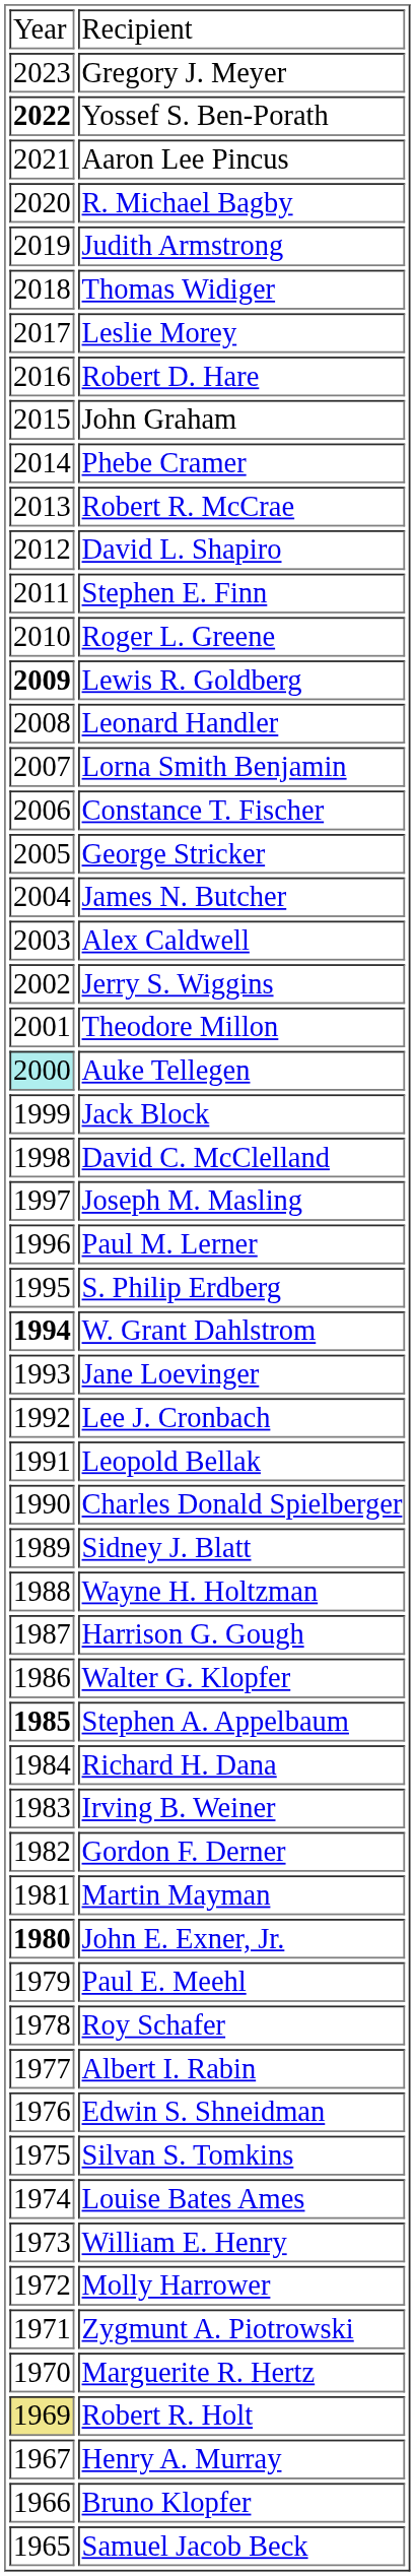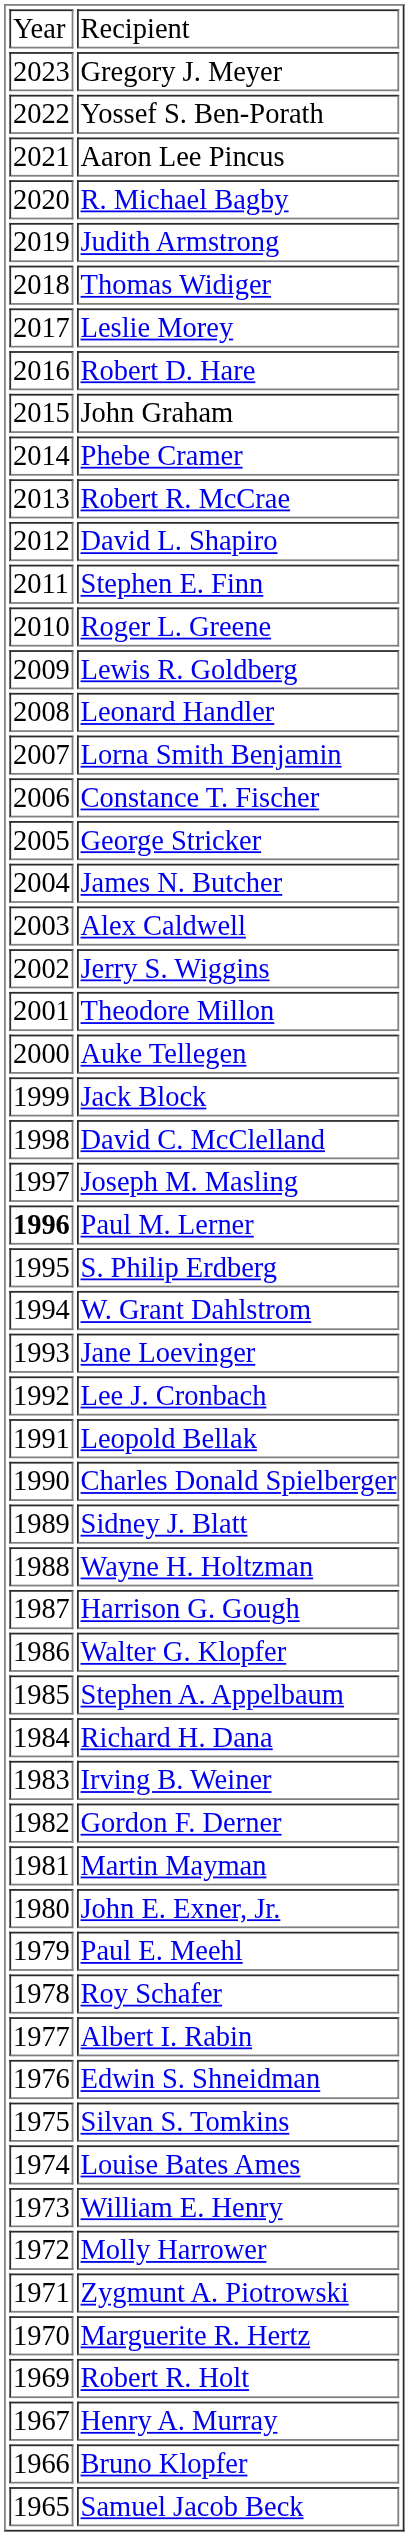 <table border="1">
 <tr>
 <td>Year</td>
 <td>Recipient</td>
 </tr>
 <tr>
 <td>2023</td>
 <td>Gregory J. Meyer</td>
 </tr>
 <tr>
-<td><strong>2022</strong></td>
+<td>2022</td>
 <td>Yossef S. Ben-Porath</td>
 </tr>
 <tr>
 <td>2021</td>
 <td>Aaron Lee Pincus</td>
 </tr>
 <tr>
 <td>2020</td>
 <td><a href='#'>R. Michael Bagby</a></td>
 </tr>
 <tr>
 <td>2019</td>
 <td><a href='#'>Judith Armstrong</a></td>
 </tr>
 <tr>
 <td>2018</td>
 <td><a href='#'>Thomas Widiger</a></td>
 </tr>
 <tr>
 <td>2017</td>
 <td><a href='#'>Leslie Morey</a></td>
 </tr>
 <tr>
 <td>2016</td>
 <td><a href='#'>Robert D. Hare</a></td>
 </tr>
 <tr>
 <td>2015</td>
 <td>John Graham</td>
 </tr>
 <tr>
 <td>2014</td>
 <td><a href='#'>Phebe Cramer</a></td>
 </tr>
 <tr>
 <td>2013</td>
 <td><a href='#'>Robert R. McCrae</a></td>
 </tr>
 <tr>
 <td>2012</td>
 <td><a href='#'>David L. Shapiro</a></td>
 </tr>
 <tr>
 <td>2011</td>
 <td><a href='#'>Stephen E. Finn</a></td>
 </tr>
 <tr>
 <td>2010</td>
 <td><a href='#'>Roger L. Greene</a></td>
 </tr>
 <tr>
-<td><strong>2009</strong></td>
+<td>2009</td>
 <td><a href='#'>Lewis R. Goldberg</a></td>
 </tr>
 <tr>
 <td>2008</td>
 <td><a href='#'>Leonard Handler</a></td>
 </tr>
 <tr>
 <td>2007</td>
 <td><a href='#'>Lorna Smith Benjamin</a></td>
 </tr>
 <tr>
 <td>2006</td>
 <td><a href='#'>Constance T. Fischer</a></td>
 </tr>
 <tr>
 <td>2005</td>
 <td><a href='#'>George Stricker</a></td>
 </tr>
 <tr>
 <td>2004</td>
 <td><a href='#'>James N. Butcher</a></td>
 </tr>
 <tr>
 <td>2003</td>
 <td><a href='#'>Alex Caldwell</a></td>
 </tr>
 <tr>
 <td>2002</td>
 <td><a href='#'>Jerry S. Wiggins</a></td>
 </tr>
 <tr>
 <td>2001</td>
 <td><a href='#'>Theodore Millon</a></td>
 </tr>
 <tr>
-<td style="background: paleturquoise;">2000</td>
+<td>2000</td>
 <td><a href='#'>Auke Tellegen</a></td>
 </tr>
 <tr>
 <td>1999</td>
 <td><a href='#'>Jack Block</a></td>
 </tr>
 <tr>
 <td>1998</td>
 <td><a href='#'>David C. McClelland</a></td>
 </tr>
 <tr>
 <td>1997</td>
 <td><a href='#'>Joseph M. Masling</a></td>
 </tr>
 <tr>
-<td>1996</td>
+<td><strong>1996</strong></td>
 <td><a href='#'>Paul M. Lerner</a></td>
 </tr>
 <tr>
 <td>1995</td>
 <td><a href='#'>S. Philip Erdberg</a></td>
 </tr>
 <tr>
-<td><strong>1994</strong></td>
+<td>1994</td>
 <td><a href='#'>W. Grant Dahlstrom</a></td>
 </tr>
 <tr>
 <td>1993</td>
 <td><a href='#'>Jane Loevinger</a></td>
 </tr>
 <tr>
 <td>1992</td>
 <td><a href='#'>Lee J. Cronbach</a></td>
 </tr>
 <tr>
 <td>1991</td>
 <td><a href='#'>Leopold Bellak</a></td>
 </tr>
 <tr>
 <td>1990</td>
 <td><a href='#'>Charles Donald Spielberger</a></td>
 </tr>
 <tr>
 <td>1989</td>
 <td><a href='#'>Sidney J. Blatt</a></td>
 </tr>
 <tr>
 <td>1988</td>
 <td><a href='#'>Wayne H. Holtzman</a></td>
 </tr>
 <tr>
 <td>1987</td>
 <td><a href='#'>Harrison G. Gough</a></td>
 </tr>
 <tr>
 <td>1986</td>
 <td><a href='#'>Walter G. Klopfer</a></td>
 </tr>
 <tr>
-<td><strong>1985</strong></td>
+<td>1985</td>
 <td><a href='#'>Stephen A. Appelbaum</a></td>
 </tr>
 <tr>
 <td>1984</td>
 <td><a href='#'>Richard H. Dana</a></td>
 </tr>
 <tr>
 <td>1983</td>
 <td><a href='#'>Irving B. Weiner</a></td>
 </tr>
 <tr>
 <td>1982</td>
 <td><a href='#'>Gordon F. Derner</a></td>
 </tr>
 <tr>
 <td>1981</td>
 <td><a href='#'>Martin Mayman</a></td>
 </tr>
 <tr>
-<td><strong>1980</strong></td>
+<td>1980</td>
 <td><a href='#'>John E. Exner, Jr.</a></td>
 </tr>
 <tr>
 <td>1979</td>
 <td><a href='#'>Paul E. Meehl</a></td>
 </tr>
 <tr>
 <td>1978</td>
 <td><a href='#'>Roy Schafer</a></td>
 </tr>
 <tr>
 <td>1977</td>
 <td><a href='#'>Albert I. Rabin</a></td>
 </tr>
 <tr>
 <td>1976</td>
 <td><a href='#'>Edwin S. Shneidman</a></td>
 </tr>
 <tr>
 <td>1975</td>
 <td><a href='#'>Silvan S. Tomkins</a></td>
 </tr>
 <tr>
 <td>1974</td>
 <td><a href='#'>Louise Bates Ames</a></td>
 </tr>
 <tr>
 <td>1973</td>
 <td><a href='#'>William E. Henry</a></td>
 </tr>
 <tr>
 <td>1972</td>
 <td><a href='#'>Molly Harrower</a></td>
 </tr>
 <tr>
 <td>1971</td>
 <td><a href='#'>Zygmunt A. Piotrowski</a></td>
 </tr>
 <tr>
 <td>1970</td>
 <td><a href='#'>Marguerite R. Hertz</a></td>
 </tr>
 <tr>
-<td style="background: khaki;">1969</td>
+<td>1969</td>
 <td><a href='#'>Robert R. Holt</a></td>
 </tr>
 <tr>
 <td>1967</td>
 <td><a href='#'>Henry A. Murray</a></td>
 </tr>
 <tr>
 <td>1966</td>
 <td><a href='#'>Bruno Klopfer</a></td>
 </tr>
 <tr>
 <td>1965</td>
 <td><a href='#'>Samuel Jacob Beck</a></td>
 </tr>
 </table>
